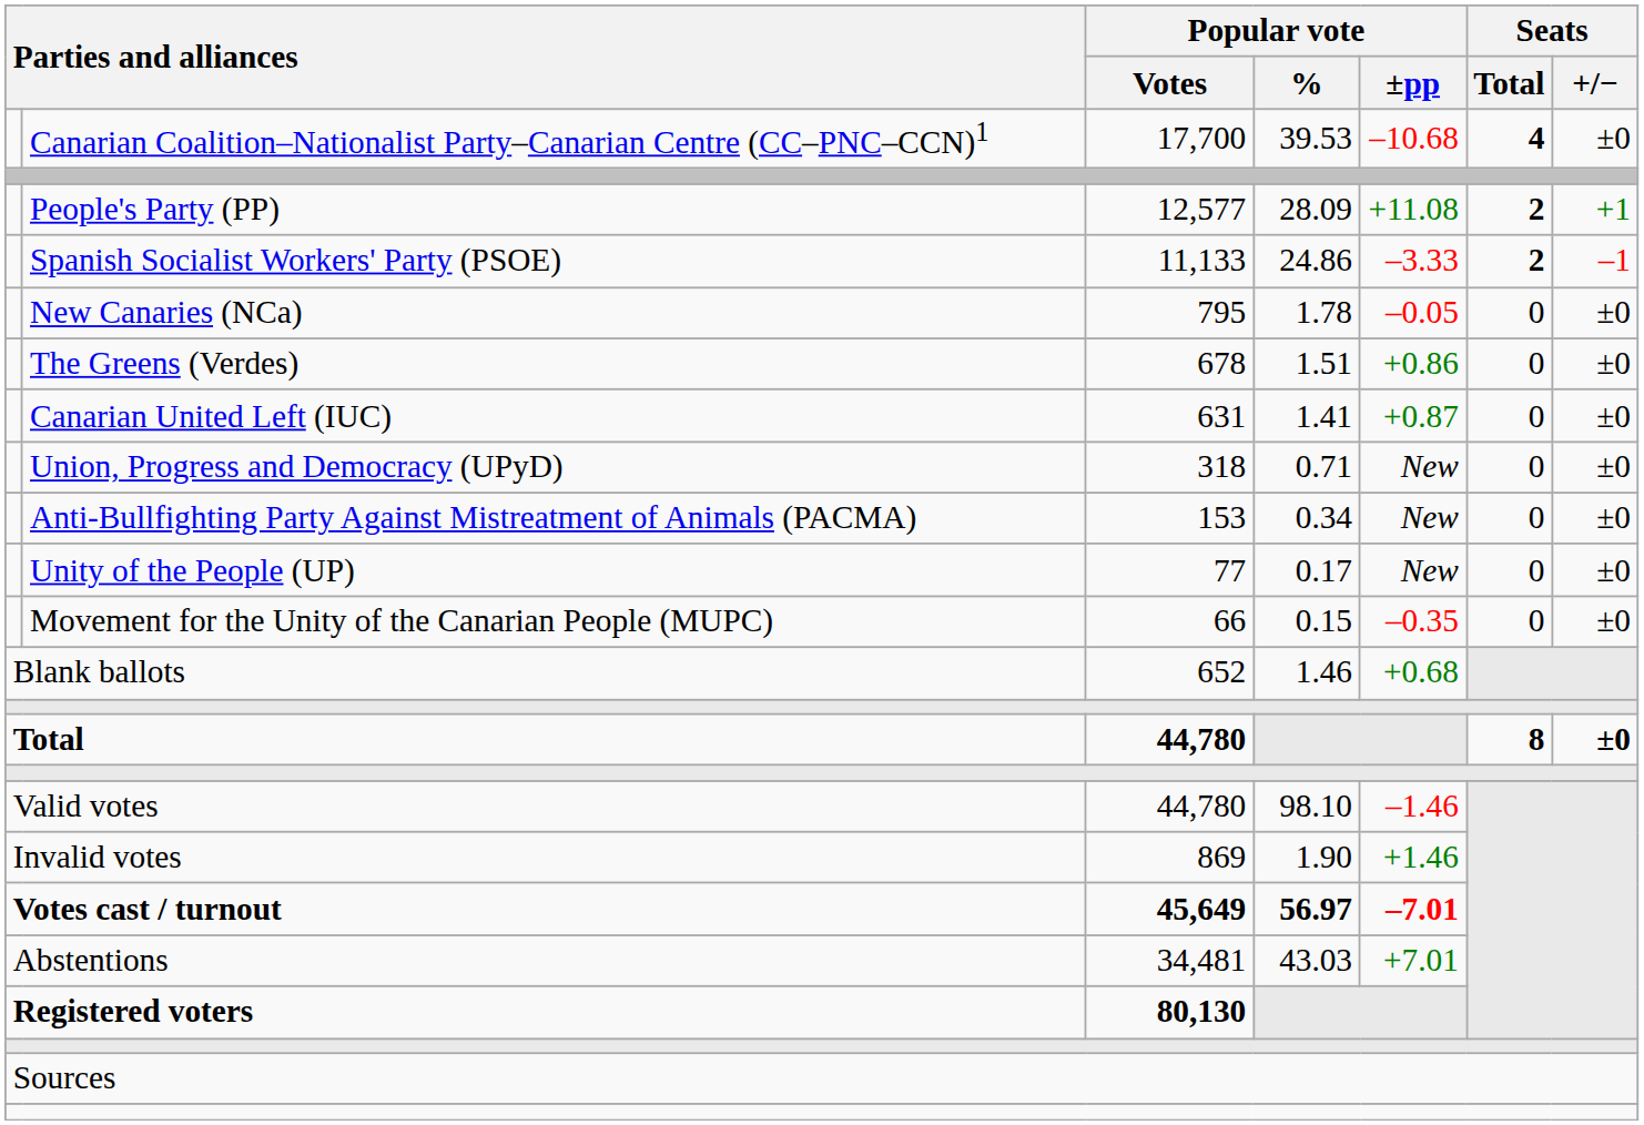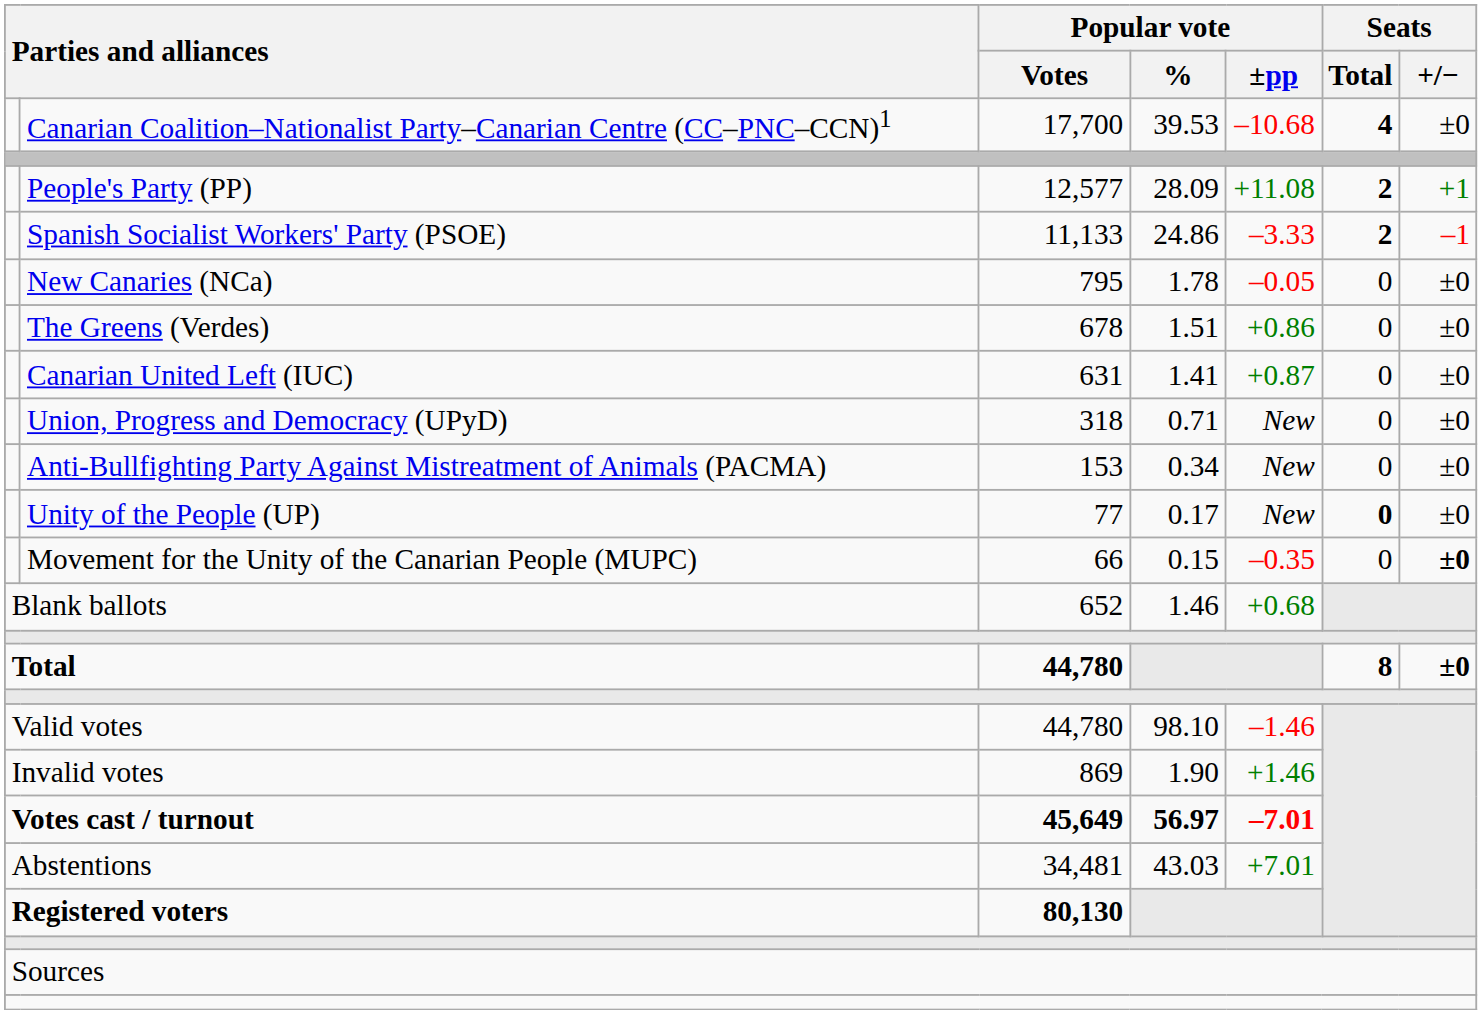 <table class="wikitable" style="text-align:right;">
 <tr>
 <th style="text-align:left;" rowspan="2" colspan="2" width="525">Parties and alliances</th>
 <th colspan="3">Popular vote</th>
 <th colspan="2">Seats</th>
 </tr>
 <tr>
 <th width="75">Votes</th>
 <th width="45">%</th>
 <th width="45">±<a href='#'>pp</a></th>
 <th width="35">Total</th>
 <th width="35">+/−</th>
 </tr>
 <tr>
 <td width="1" style="color:inherit;background:"></td>
 <td align="left"><a href='#'>Canarian Coalition–Nationalist Party</a>–<a href='#'>Canarian Centre</a> (<a href='#'>CC</a>–<a href='#'>PNC</a>–CCN)<sup>1</sup></td>
 <td>17,700</td>
 <td>39.53</td>
 <td style="color:red;">–10.68</td>
 <td><strong>4</strong></td>
 <td>±0</td>
 </tr>
 <tr>
 <td colspan="7" bgcolor="#C0C0C0"></td>
 </tr>
 <tr>
 <td style="color:inherit;background:"></td>
 <td align="left"><a href='#'>People's Party</a> (PP)</td>
 <td>12,577</td>
 <td>28.09</td>
 <td style="color:green;">+11.08</td>
 <td><strong>2</strong></td>
 <td style="color:green;">+1</td>
 </tr>
 <tr>
 <td style="color:inherit;background:"></td>
 <td align="left"><a href='#'>Spanish Socialist Workers' Party</a> (PSOE)</td>
 <td>11,133</td>
 <td>24.86</td>
 <td style="color:red;">–3.33</td>
 <td><strong>2</strong></td>
 <td style="color:red;">–1</td>
 </tr>
 <tr>
 <td style="color:inherit;background:"></td>
 <td align="left"><a href='#'>New Canaries</a> (NCa)</td>
 <td>795</td>
 <td>1.78</td>
 <td style="color:red;">–0.05</td>
 <td>0</td>
 <td>±0</td>
 </tr>
 <tr>
 <td style="color:inherit;background:"></td>
 <td align="left"><a href='#'>The Greens</a> (Verdes)</td>
 <td>678</td>
 <td>1.51</td>
 <td style="color:green;">+0.86</td>
 <td>0</td>
 <td>±0</td>
 </tr>
 <tr>
 <td style="color:inherit;background:"></td>
 <td align="left"><a href='#'>Canarian United Left</a> (IUC)</td>
 <td>631</td>
 <td>1.41</td>
 <td style="color:green;">+0.87</td>
 <td>0</td>
 <td>±0</td>
 </tr>
 <tr>
 <td style="color:inherit;background:"></td>
 <td align="left"><a href='#'>Union, Progress and Democracy</a> (UPyD)</td>
 <td>318</td>
 <td>0.71</td>
 <td><em>New</em></td>
 <td>0</td>
 <td>±0</td>
 </tr>
 <tr>
 <td style="color:inherit;background:"></td>
 <td align="left"><a href='#'>Anti-Bullfighting Party Against Mistreatment of Animals</a> (PACMA)</td>
 <td>153</td>
 <td>0.34</td>
 <td><em>New</em></td>
 <td>0</td>
 <td>±0</td>
 </tr>
 <tr>
 <td style="color:inherit;background:"></td>
 <td align="left"><a href='#'>Unity of the People</a> (UP)</td>
 <td>77</td>
 <td>0.17</td>
 <td><em>New</em></td>
-<td>0</td>
+<td><strong>0</strong></td>
 <td>±0</td>
 </tr>
 <tr>
 <td style="color:inherit;background:"></td>
 <td align="left">Movement for the Unity of the Canarian People (MUPC)</td>
 <td>66</td>
 <td>0.15</td>
 <td style="color:red;">–0.35</td>
 <td>0</td>
-<td>±0</td>
+<td><strong>±0</strong></td>
 </tr>
 <tr>
 <td align="left" colspan="2">Blank ballots</td>
 <td>652</td>
 <td>1.46</td>
 <td style="color:green;">+0.68</td>
 <td bgcolor="#E9E9E9" colspan="2"></td>
 </tr>
 <tr>
 <td colspan="7" bgcolor="#E9E9E9"></td>
 </tr>
 <tr style="font-weight:bold;">
 <td align="left" colspan="2">Total</td>
 <td>44,780</td>
 <td bgcolor="#E9E9E9" colspan="2"></td>
 <td>8</td>
 <td>±0</td>
 </tr>
 <tr>
 <td colspan="7" bgcolor="#E9E9E9"></td>
 </tr>
 <tr>
 <td align="left" colspan="2">Valid votes</td>
 <td>44,780</td>
 <td>98.10</td>
 <td style="color:red;">–1.46</td>
 <td bgcolor="#E9E9E9" colspan="2" rowspan="5"></td>
 </tr>
 <tr>
 <td align="left" colspan="2">Invalid votes</td>
 <td>869</td>
 <td>1.90</td>
 <td style="color:green;">+1.46</td>
 </tr>
 <tr style="font-weight:bold;">
 <td align="left" colspan="2">Votes cast / turnout</td>
 <td>45,649</td>
 <td>56.97</td>
 <td style="color:red;">–7.01</td>
 </tr>
 <tr>
 <td align="left" colspan="2">Abstentions</td>
 <td>34,481</td>
 <td>43.03</td>
 <td style="color:green;">+7.01</td>
 </tr>
 <tr style="font-weight:bold;">
 <td align="left" colspan="2">Registered voters</td>
 <td>80,130</td>
 <td bgcolor="#E9E9E9" colspan="2"></td>
 </tr>
 <tr>
 <td colspan="7" bgcolor="#E9E9E9"></td>
 </tr>
 <tr>
 <td align="left" colspan="7">Sources</td>
 </tr>
 <tr>
 <td colspan="7" style="text-align:left; max-width:790px;"></td>
 </tr>
 </table>
